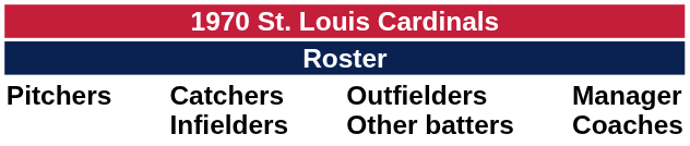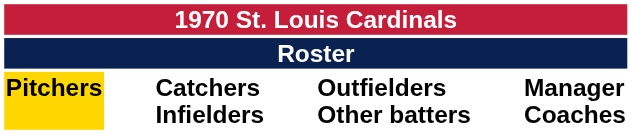 <table class="toccolours" style="font-size: 95%;">
 <tr>
 <th colspan="10" style="background-color: #c41e3a; color: white; text-align: center;">1970 St. Louis Cardinals</th>
 </tr>
 <tr>
 <td colspan="10" style="background-color: #0a2252; color: white; text-align: center;"><strong>Roster</strong></td>
 </tr>
 <tr>
-<td valign="top"><strong>Pitchers</strong><br>                     </td>
+<td valign="top" style="background: gold;"><strong>Pitchers</strong><br>                     </td>
 <td width="25px"></td>
 <td valign="top"><strong>Catchers</strong><br>   <strong>Infielders</strong>           </td>
 <td width="25px"></td>
 <td valign="top"><strong>Outfielders</strong><br>         <strong>Other batters</strong>  </td>
 <td width="25px"></td>
 <td valign="top"><strong>Manager</strong><br> <strong>Coaches</strong>      </td>
 </tr>
 </table>
